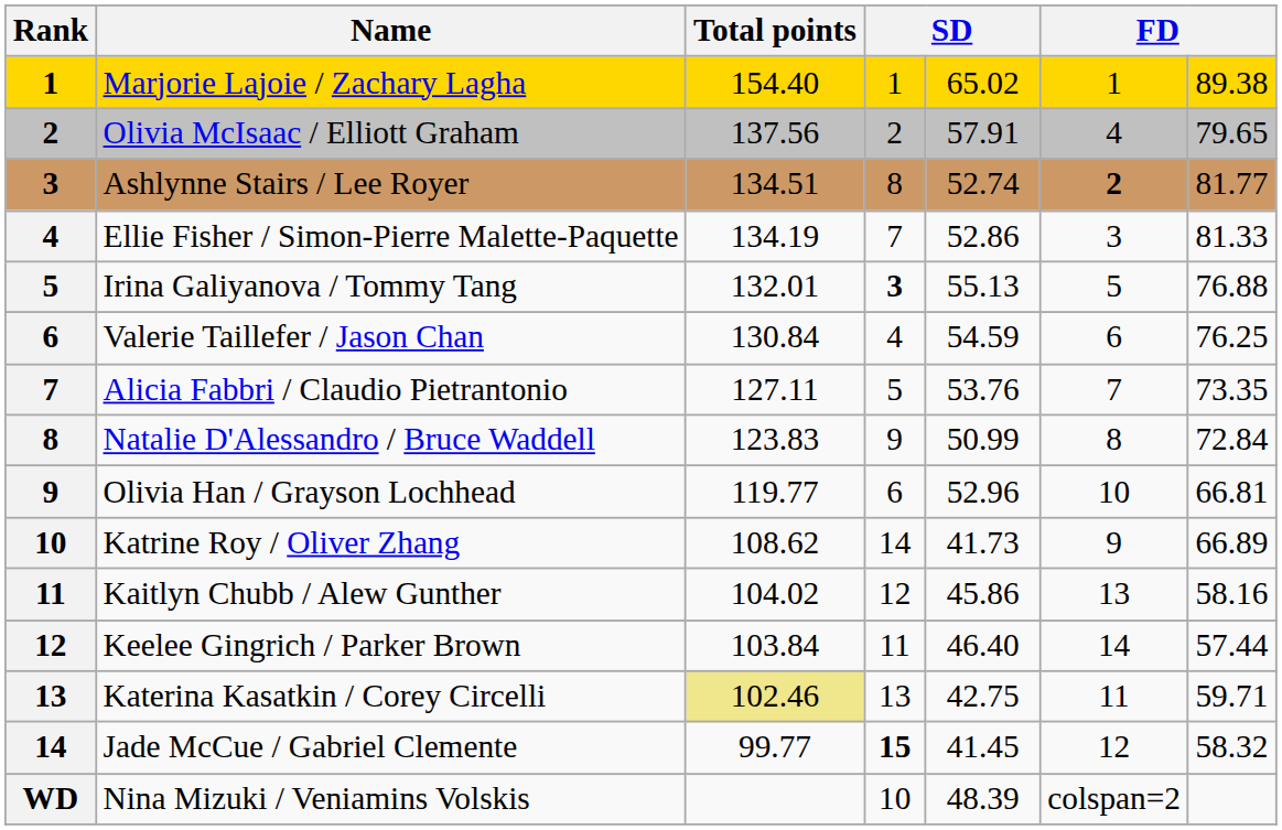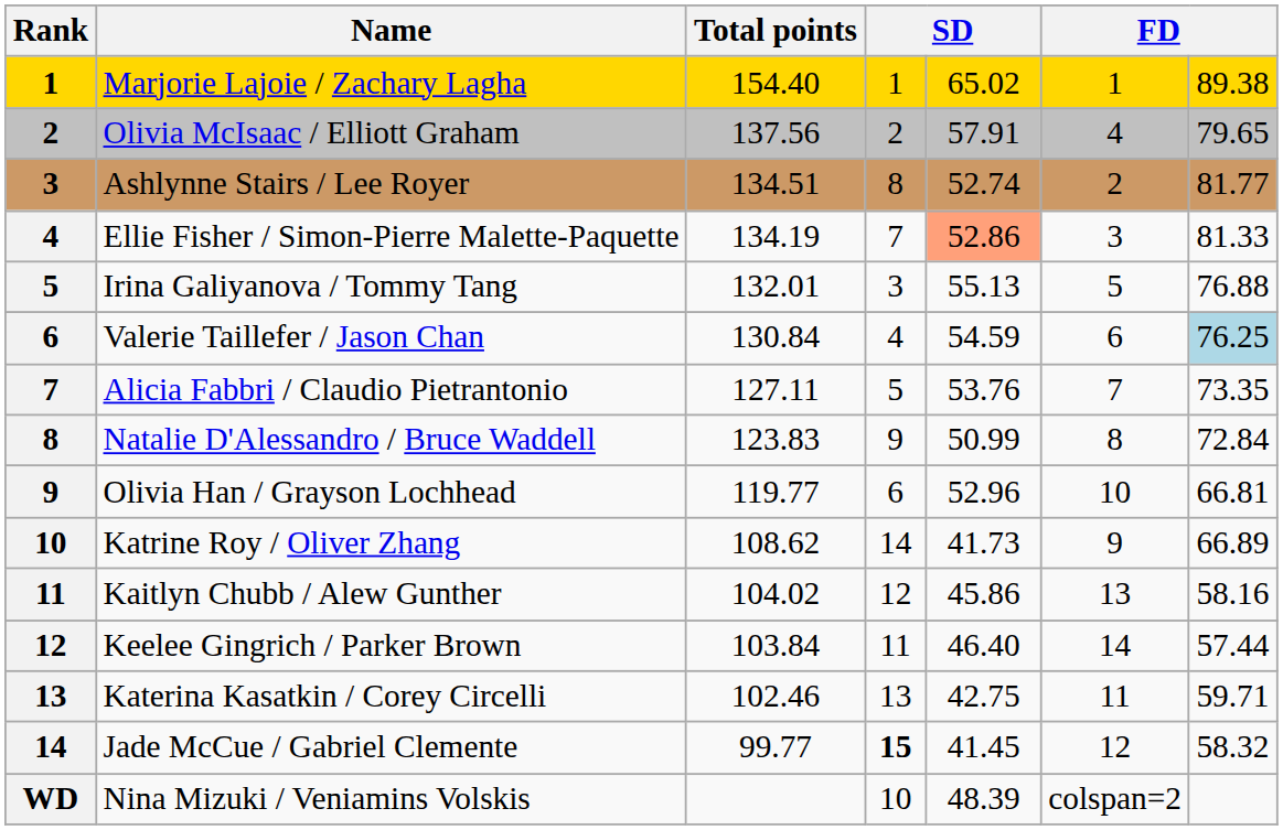 <table class="wikitable sortable">
 <tr>
 <th>Rank</th>
 <th>Name</th>
 <th>Total points</th>
 <th colspan="2" width="80px"><a href='#'>SD</a></th>
 <th colspan="2" width="80px"><a href='#'>FD</a></th>
 </tr>
 <tr bgcolor="gold">
 <td align="center"><strong>1</strong></td>
 <td><a href='#'>Marjorie Lajoie</a> / <a href='#'>Zachary Lagha</a></td>
 <td align="center">154.40</td>
 <td align="center">1</td>
 <td align="center">65.02</td>
 <td align="center">1</td>
 <td align="center">89.38</td>
 </tr>
 <tr bgcolor="silver">
 <td align="center"><strong>2</strong></td>
 <td><a href='#'>Olivia McIsaac</a> / Elliott Graham</td>
 <td align="center">137.56</td>
 <td align="center">2</td>
 <td align="center">57.91</td>
 <td align="center">4</td>
 <td align="center">79.65</td>
 </tr>
 <tr bgcolor="cc9966">
 <td align="center"><strong>3</strong></td>
 <td>Ashlynne Stairs / Lee Royer</td>
 <td align="center">134.51</td>
 <td align="center">8</td>
 <td align="center">52.74</td>
-<td align="center"><strong>2</strong></td>
+<td align="center">2</td>
 <td align="center">81.77</td>
 </tr>
 <tr>
 <th>4</th>
 <td>Ellie Fisher / Simon-Pierre Malette-Paquette</td>
 <td align="center">134.19</td>
 <td align="center">7</td>
-<td align="center">52.86</td>
+<td align="center" style="background: lightsalmon;">52.86</td>
 <td align="center">3</td>
 <td align="center">81.33</td>
 </tr>
 <tr>
 <th>5</th>
 <td>Irina Galiyanova / Tommy Tang</td>
 <td align="center">132.01</td>
-<td align="center"><strong>3</strong></td>
+<td align="center">3</td>
 <td align="center">55.13</td>
 <td align="center">5</td>
 <td align="center">76.88</td>
 </tr>
 <tr>
 <th>6</th>
 <td>Valerie Taillefer / <a href='#'>Jason Chan</a></td>
 <td align="center">130.84</td>
 <td align="center">4</td>
 <td align="center">54.59</td>
 <td align="center">6</td>
-<td align="center">76.25</td>
+<td align="center" style="background: lightblue;">76.25</td>
 </tr>
 <tr>
 <th>7</th>
 <td><a href='#'>Alicia Fabbri</a> / Claudio Pietrantonio</td>
 <td align="center">127.11</td>
 <td align="center">5</td>
 <td align="center">53.76</td>
 <td align="center">7</td>
 <td align="center">73.35</td>
 </tr>
 <tr>
 <th>8</th>
 <td><a href='#'>Natalie D'Alessandro</a> / <a href='#'>Bruce Waddell</a></td>
 <td align="center">123.83</td>
 <td align="center">9</td>
 <td align="center">50.99</td>
 <td align="center">8</td>
 <td align="center">72.84</td>
 </tr>
 <tr>
 <th>9</th>
 <td>Olivia Han / Grayson Lochhead</td>
 <td align="center">119.77</td>
 <td align="center">6</td>
 <td align="center">52.96</td>
 <td align="center">10</td>
 <td align="center">66.81</td>
 </tr>
 <tr>
 <th>10</th>
 <td>Katrine Roy / <a href='#'>Oliver Zhang</a></td>
 <td align="center">108.62</td>
 <td align="center">14</td>
 <td align="center">41.73</td>
 <td align="center">9</td>
 <td align="center">66.89</td>
 </tr>
 <tr>
 <th>11</th>
 <td>Kaitlyn Chubb / Alew Gunther</td>
 <td align="center">104.02</td>
 <td align="center">12</td>
 <td align="center">45.86</td>
 <td align="center">13</td>
 <td align="center">58.16</td>
 </tr>
 <tr>
 <th>12</th>
 <td>Keelee Gingrich / Parker Brown</td>
 <td align="center">103.84</td>
 <td align="center">11</td>
 <td align="center">46.40</td>
 <td align="center">14</td>
 <td align="center">57.44</td>
 </tr>
 <tr>
 <th>13</th>
 <td>Katerina Kasatkin / Corey Circelli</td>
-<td align="center" style="background: khaki;">102.46</td>
+<td align="center">102.46</td>
 <td align="center">13</td>
 <td align="center">42.75</td>
 <td align="center">11</td>
 <td align="center">59.71</td>
 </tr>
 <tr>
 <th>14</th>
 <td>Jade McCue / Gabriel Clemente</td>
 <td align="center">99.77</td>
 <td align="center"><strong>15</strong></td>
 <td align="center">41.45</td>
 <td align="center">12</td>
 <td align="center">58.32</td>
 </tr>
 <tr>
 <th>WD</th>
 <td>Nina Mizuki / Veniamins Volskis</td>
 <td></td>
 <td align="center">10</td>
 <td align="center">48.39</td>
 <td>colspan=2 </td>
 </tr>
 </table>
